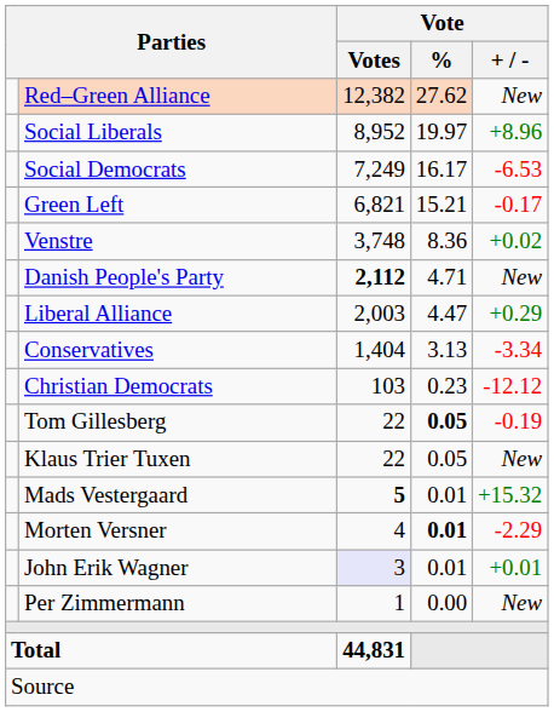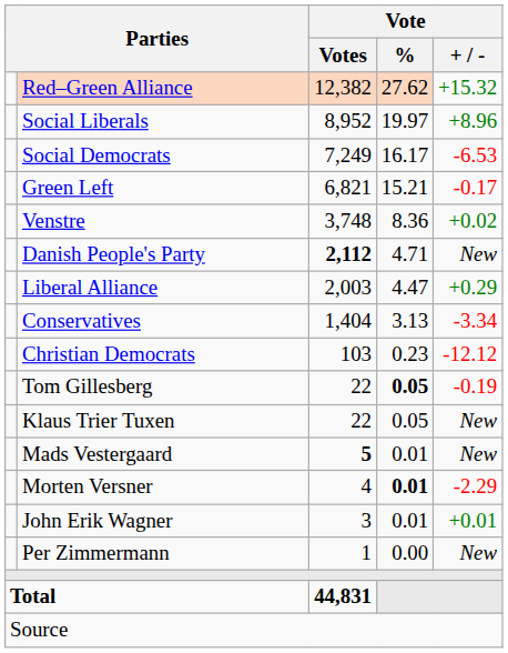 <table class="wikitable" style="text-align:right;">
 <tr>
 <th style="text-align:centre;" rowspan="2" colspan="2" width="225">Parties</th>
 <th colspan="3">Vote</th>
 </tr>
 <tr>
 <th width="15">Votes</th>
 <th width="15">%</th>
 <th width="15">+ / -</th>
 </tr>
 <tr>
 <td width="2" style="color:inherit;background:"></td>
 <td bgcolor=#fcd7c0  align="left"><a href='#'>Red–Green Alliance</a></td>
 <td bgcolor=#fcd7c0>12,382</td>
 <td bgcolor=#fcd7c0>27.62</td>
-<td><em>New</em></td>
+<td style=color:green;>+15.32</td>
 </tr>
 <tr>
 <td width="2" style="color:inherit;background:"></td>
 <td align="left"><a href='#'>Social Liberals</a></td>
 <td>8,952</td>
 <td>19.97</td>
 <td style=color:green;>+8.96</td>
 </tr>
 <tr>
 <td width="2" style="color:inherit;background:"></td>
 <td align="left"><a href='#'>Social Democrats</a></td>
 <td>7,249</td>
 <td>16.17</td>
 <td style=color:red;>-6.53</td>
 </tr>
 <tr>
 <td width="2" style="color:inherit;background:"></td>
 <td align="left"><a href='#'>Green Left</a></td>
 <td>6,821</td>
 <td>15.21</td>
 <td style=color:red;>-0.17</td>
 </tr>
 <tr>
 <td width="2" style="color:inherit;background:"></td>
 <td align="left"><a href='#'>Venstre</a></td>
 <td>3,748</td>
 <td>8.36</td>
 <td style=color:green;>+0.02</td>
 </tr>
 <tr>
 <td width="2" style="color:inherit;background:"></td>
 <td align="left"><a href='#'>Danish People's Party</a></td>
 <td><strong>2,112</strong></td>
 <td>4.71</td>
 <td><em>New</em></td>
 </tr>
 <tr>
 <td width="2" style="color:inherit;background:"></td>
 <td align="left"><a href='#'>Liberal Alliance</a></td>
 <td>2,003</td>
 <td>4.47</td>
 <td style=color:green;>+0.29</td>
 </tr>
 <tr>
 <td width="2" style="color:inherit;background:"></td>
 <td align="left"><a href='#'>Conservatives</a></td>
 <td>1,404</td>
 <td>3.13</td>
 <td style=color:red;>-3.34</td>
 </tr>
 <tr>
 <td width="2" style="color:inherit;background:"></td>
 <td align="left"><a href='#'>Christian Democrats</a></td>
 <td>103</td>
 <td>0.23</td>
 <td style=color:red;>-12.12</td>
 </tr>
 <tr>
 <td width="2" style="color:inherit;background:"></td>
 <td align="left">Tom Gillesberg</td>
 <td>22</td>
 <td><strong>0.05</strong></td>
 <td style=color:red;>-0.19</td>
 </tr>
 <tr>
 <td width="2" style="color:inherit;background:"></td>
 <td align="left">Klaus Trier Tuxen</td>
 <td>22</td>
 <td>0.05</td>
 <td><em>New</em></td>
 </tr>
 <tr>
 <td width="2" style="color:inherit;background:"></td>
 <td align="left">Mads Vestergaard</td>
 <td><strong>5</strong></td>
 <td>0.01</td>
-<td style=color:green;>+15.32</td>
+<td><em>New</em></td>
 </tr>
 <tr>
 <td width="2" style="color:inherit;background:"></td>
 <td align="left">Morten Versner</td>
 <td>4</td>
 <td><strong>0.01</strong></td>
 <td style=color:red;>-2.29</td>
 </tr>
 <tr>
 <td width="2" style="color:inherit;background:"></td>
 <td align="left">John Erik Wagner</td>
-<td style="background: lavender;">3</td>
+<td>3</td>
 <td>0.01</td>
 <td style=color:green;>+0.01</td>
 </tr>
 <tr>
 <td width="2" style="color:inherit;background:"></td>
 <td align="left">Per Zimmermann</td>
 <td>1</td>
 <td>0.00</td>
 <td><em>New</em></td>
 </tr>
 <tr>
 <td colspan="7" bgcolor="#E9E9E9"></td>
 </tr>
 <tr>
 <td align="left" colspan="2"><strong>Total</strong></td>
 <td><strong>44,831</strong></td>
 <td bgcolor="#E9E9E9" colspan="2"></td>
 </tr>
 <tr>
 <td align="left" colspan="6">Source</td>
 </tr>
 </table>
